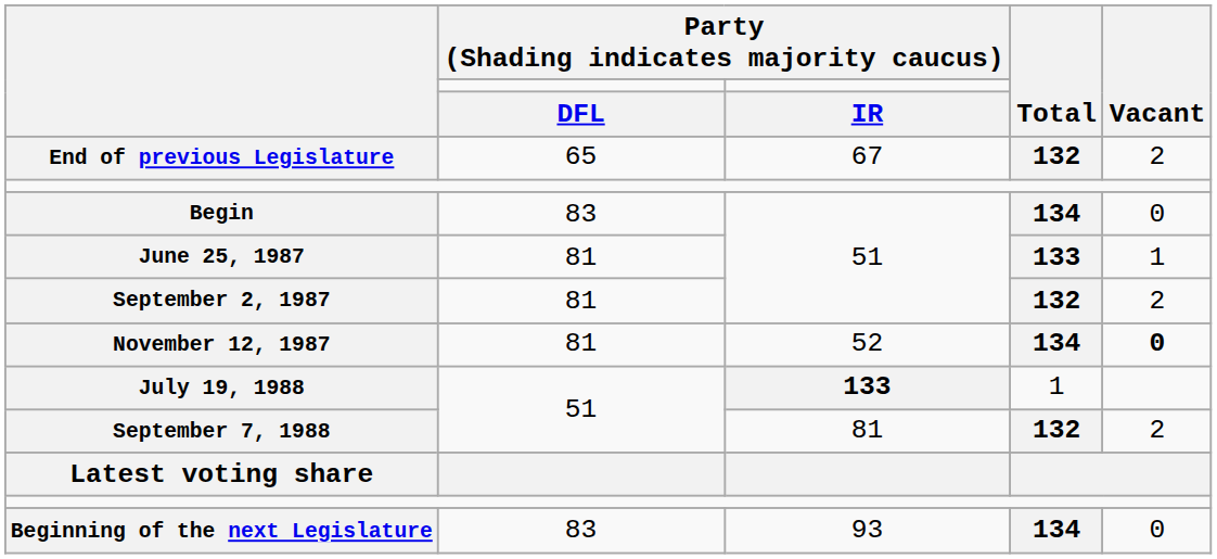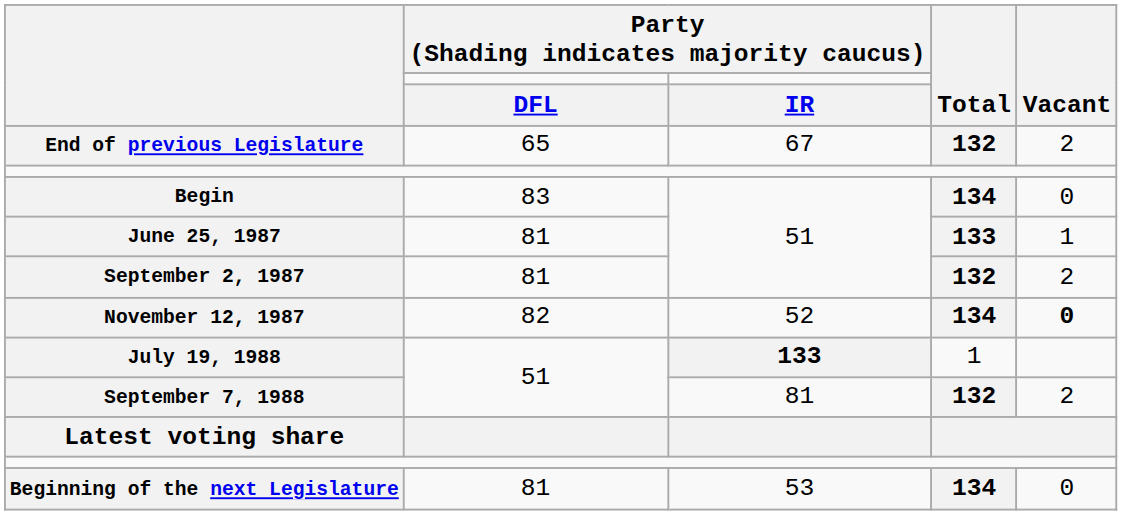 <table class=wikitable style="text-align:center">
 <tr style="vertical-align:bottom;">
 <th rowspan=3></th>
 <th colspan=2>Party <div>(Shading indicates majority caucus)</div></th>
 <th rowspan=3>Total</th>
 <th rowspan=3>Vacant</th>
 </tr>
 <tr style="height:5px">
 <td style="background-color:"></td>
 <td style="background-color:"></td>
 </tr>
 <tr>
 <th><a href='#'>DFL</a></th>
 <th><a href='#'>IR</a></th>
 </tr>
 <tr>
 <th style="white-space:nowrap; font-size:80%;">End of <a href='#'>previous Legislature</a></th>
 <td>65</td>
 <td>67</td>
 <th>132</th>
 <td>2</td>
 </tr>
 <tr>
 <td colspan=5></td>
 </tr>
 <tr>
 <th style="font-size:80%">Begin</th>
 <td>83</td>
 <td rowspan="3">51</td>
 <th>134</th>
 <td>0</td>
 </tr>
 <tr>
 <th style="font-size:80%">June 25, 1987 </th>
 <td>81</td>
 <th>133</th>
 <td>1</td>
 </tr>
 <tr>
 <th style="font-size:80%">September 2, 1987 </th>
 <td>81</td>
 <th>132</th>
 <td>2</td>
 </tr>
 <tr>
 <th style="font-size:80%">November 12, 1987 </th>
-<td>81</td>
+<td>82</td>
 <td>52</td>
 <th>134</th>
 <td><strong>0</strong></td>
 </tr>
 <tr>
 <th style="font-size:80%">July 19, 1988 </th>
 <td rowspan="2">51</td>
 <th>133</th>
 <td>1</td>
 </tr>
 <tr>
 <th style="font-size:80%">September 7, 1988 </th>
 <td>81</td>
 <th>132</th>
 <td>2</td>
 </tr>
 <tr>
 <th>Latest voting share</th>
 <th></th>
 <th></th>
 <th colspan=2></th>
 </tr>
 <tr>
 <td colspan=5></td>
 </tr>
 <tr>
 <th style="white-space:nowrap; font-size:80%;">Beginning of the <a href='#'>next Legislature</a></th>
-<td>83</td>
-<td>93</td>
+<td>81</td>
+<td>53</td>
 <th>134</th>
 <td>0</td>
 </tr>
 </table>
